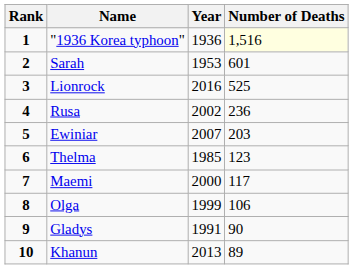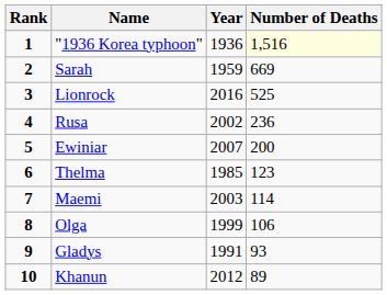 <table class="wikitable" align="center" style="margin-left: auto; margin-right: auto; border: none;">
 <tr style="background:#CCCCCC">
 <th>Rank</th>
 <th>Name</th>
 <th>Year</th>
 <th>Number of Deaths</th>
 </tr>
 <tr>
 <td style="text-align:center"><strong>1</strong></td>
 <td>"<a href='#'>1936 Korea typhoon</a>"</td>
 <td>1936</td>
 <td style="background: lightyellow;">1,516</td>
 </tr>
 <tr>
 <td style="text-align:center"><strong>2</strong></td>
 <td><a href='#'>Sarah</a></td>
-<td>1953</td>
-<td>601</td>
+<td>1959</td>
+<td>669</td>
 </tr>
 <tr>
 <td style="text-align:center"><strong>3</strong></td>
 <td><a href='#'>Lionrock</a></td>
 <td>2016</td>
 <td>525</td>
 </tr>
 <tr>
 <td style="text-align:center"><strong>4</strong></td>
 <td><a href='#'>Rusa</a></td>
 <td>2002</td>
 <td>236</td>
 </tr>
 <tr>
 <td style="text-align:center"><strong>5</strong></td>
 <td><a href='#'>Ewiniar</a></td>
 <td>2007</td>
-<td>203</td>
+<td>200</td>
 </tr>
 <tr>
 <td style="text-align:center"><strong>6</strong></td>
 <td><a href='#'>Thelma</a></td>
 <td>1985</td>
 <td>123</td>
 </tr>
 <tr>
 <td style="text-align:center"><strong>7</strong></td>
 <td><a href='#'>Maemi</a></td>
-<td>2000</td>
-<td>117</td>
+<td>2003</td>
+<td>114</td>
 </tr>
 <tr>
 <td style="text-align:center"><strong>8</strong></td>
 <td><a href='#'>Olga</a></td>
 <td>1999</td>
 <td>106</td>
 </tr>
 <tr>
 <td style="text-align:center"><strong>9</strong></td>
 <td><a href='#'>Gladys</a></td>
 <td>1991</td>
-<td>90</td>
+<td>93</td>
 </tr>
 <tr>
 <td style="text-align:center"><strong>10</strong></td>
 <td><a href='#'>Khanun</a></td>
-<td>2013</td>
+<td>2012</td>
 <td>89</td>
 </tr>
 <tr>
 </tr>
 </table>
